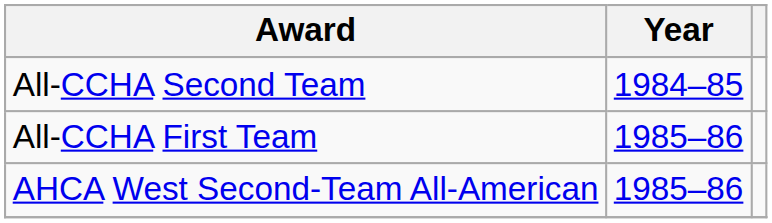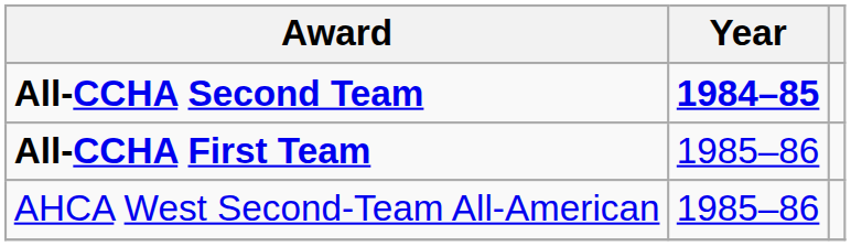 <table class="wikitable">
 <tr>
 <th>Award</th>
 <th>Year</th>
 <th></th>
 </tr>
 <tr>
-<td>All-<a href='#'>CCHA</a> <a href='#'>Second Team</a></td>
-<td><a href='#'>1984–85</a></td>
+<td><strong>All-<a href='#'>CCHA</a> <a href='#'>Second Team</a></strong></td>
+<td><strong><a href='#'>1984–85</a></strong></td>
 <td></td>
 </tr>
 <tr>
-<td>All-<a href='#'>CCHA</a> <a href='#'>First Team</a></td>
+<td><strong>All-<a href='#'>CCHA</a> <a href='#'>First Team</a></strong></td>
 <td><a href='#'>1985–86</a></td>
 <td></td>
 </tr>
 <tr>
 <td><a href='#'>AHCA</a> <a href='#'>West Second-Team All-American</a></td>
 <td><a href='#'>1985–86</a></td>
 <td></td>
 </tr>
 <tr>
 </tr>
 </table>
